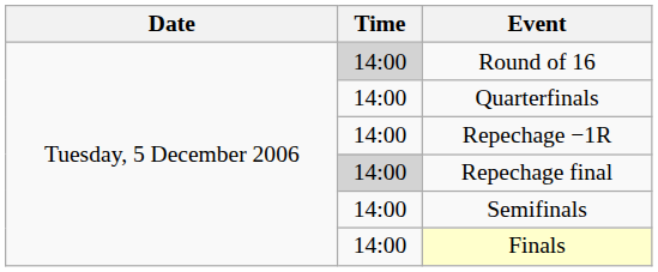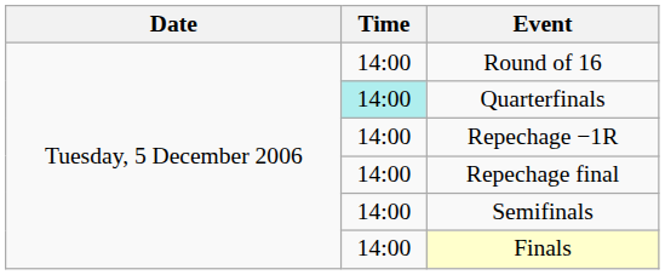 <table class = "wikitable" style="text-align:center;">
 <tr>
 <th width=220>Date</th>
 <th width=50>Time</th>
 <th width=150>Event</th>
 </tr>
 <tr>
 <td rowspan=6>Tuesday, 5 December 2006</td>
-<td style="background: lightgrey;">14:00</td>
+<td>14:00</td>
 <td>Round of 16</td>
 </tr>
 <tr>
-<td>14:00</td>
+<td style="background: paleturquoise;">14:00</td>
 <td>Quarterfinals</td>
 </tr>
 <tr>
 <td>14:00</td>
 <td>Repechage −1R</td>
 </tr>
 <tr>
-<td style="background: lightgrey;">14:00</td>
+<td>14:00</td>
 <td>Repechage final</td>
 </tr>
 <tr>
 <td>14:00</td>
 <td>Semifinals</td>
 </tr>
 <tr>
 <td>14:00</td>
 <td bgcolor=ffffcc>Finals</td>
 </tr>
 </table>
